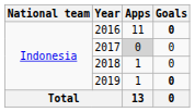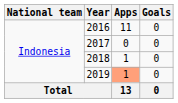 <table class="wikitable" style="text-align:center">
 <tr>
 <th>National team</th>
 <th>Year</th>
 <th>Apps</th>
 <th>Goals</th>
 </tr>
 <tr>
 <td rowspan=4><a href='#'>Indonesia</a></td>
 <td>2016</td>
 <td>11</td>
-<td><strong>0</strong></td>
+<td>0</td>
 </tr>
 <tr>
 <td>2017</td>
-<td style="background: lightgrey;">0</td>
+<td>0</td>
 <td>0</td>
 </tr>
 <tr>
 <td>2018</td>
 <td>1</td>
 <td>0</td>
 </tr>
 <tr>
 <td>2019</td>
-<td>1</td>
-<td><strong>0</strong></td>
+<td style="background: lightsalmon;">1</td>
+<td>0</td>
 </tr>
 <tr>
 <th colspan=2>Total</th>
 <th>13</th>
 <th>0</th>
 </tr>
 </table>
